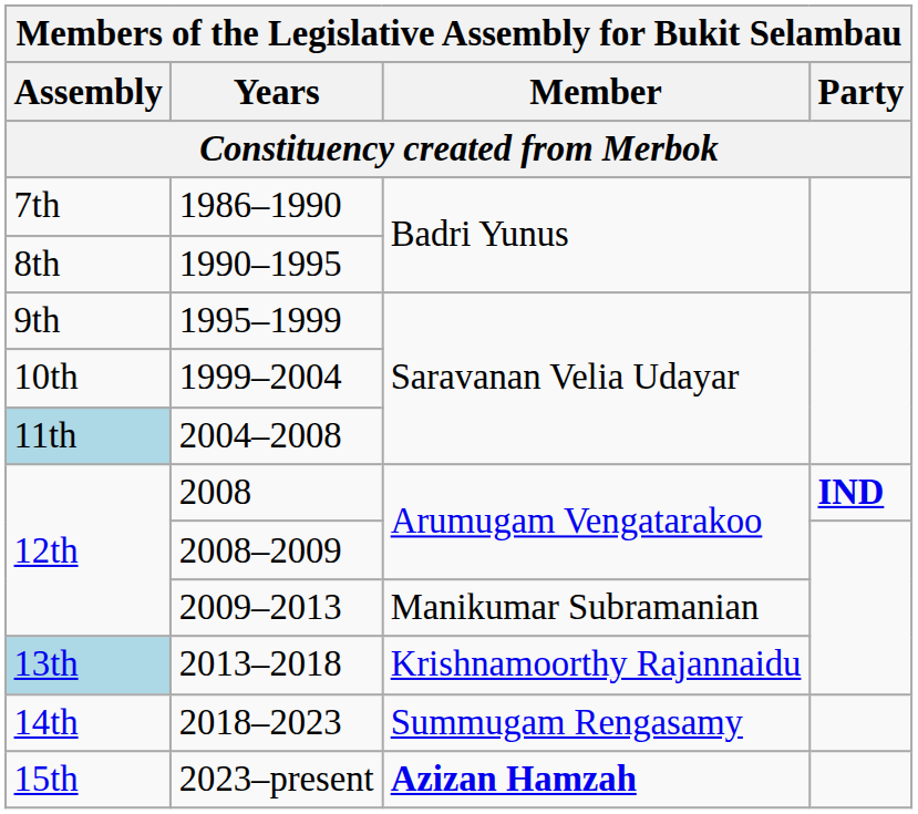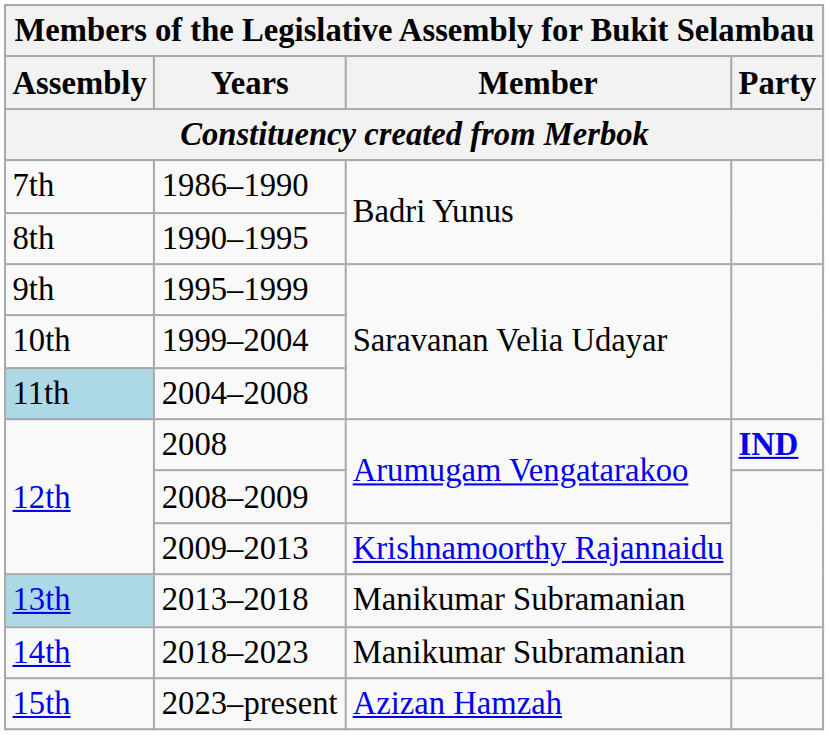 <table class="wikitable">
 <tr>
 <th colspan="4">Members of the Legislative Assembly for Bukit Selambau</th>
 </tr>
 <tr>
 <th>Assembly</th>
 <th>Years</th>
 <th>Member</th>
 <th>Party</th>
 </tr>
 <tr>
 <th colspan="4" align="center"><em>Constituency created from Merbok</em></th>
 </tr>
 <tr>
 <td>7th</td>
 <td>1986–1990</td>
 <td rowspan=2>Badri Yunus</td>
 <td rowspan=2></td>
 </tr>
 <tr>
 <td>8th</td>
 <td>1990–1995</td>
 </tr>
 <tr>
 <td>9th</td>
 <td>1995–1999</td>
 <td rowspan=3>Saravanan Velia Udayar</td>
 <td rowspan=3></td>
 </tr>
 <tr>
 <td>10th</td>
 <td>1999–2004</td>
 </tr>
 <tr>
 <td style="background: lightblue;">11th</td>
 <td>2004–2008</td>
 </tr>
 <tr>
 <td rowspan="3"><a href='#'>12th</a></td>
 <td>2008</td>
 <td rowspan=2><a href='#'>Arumugam Vengatarakoo</a></td>
 <td><strong><a href='#'>IND</a></strong></td>
 </tr>
 <tr>
 <td>2008–2009</td>
 <td rowspan="3"></td>
 </tr>
 <tr>
 <td>2009–2013</td>
-<td>Manikumar Subramanian</td>
+<td><a href='#'>Krishnamoorthy Rajannaidu</a></td>
 </tr>
 <tr>
 <td style="background: lightblue;"><a href='#'>13th</a></td>
 <td>2013–2018</td>
-<td><a href='#'>Krishnamoorthy Rajannaidu</a></td>
+<td>Manikumar Subramanian</td>
 </tr>
 <tr>
 <td><a href='#'>14th</a></td>
 <td>2018–2023</td>
-<td><a href='#'>Summugam Rengasamy</a></td>
+<td>Manikumar Subramanian</td>
 <td></td>
 </tr>
 <tr>
 <td><a href='#'>15th</a></td>
 <td>2023–present</td>
-<td><strong><a href='#'>Azizan Hamzah</a></strong></td>
+<td><a href='#'>Azizan Hamzah</a></td>
 <td></td>
 </tr>
 </table>
